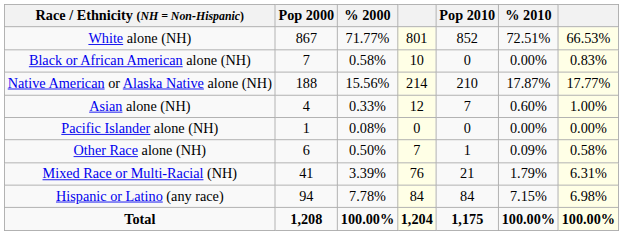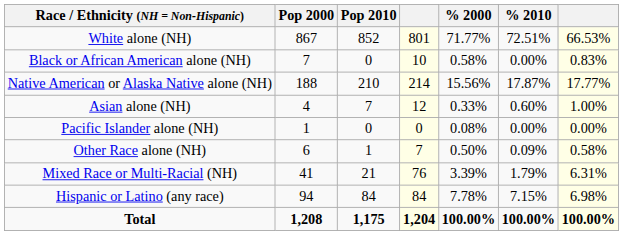 <table class="wikitable" style="text-align:center;">
 <tr>
 <th>Race / Ethnicity <small>(<em>NH = Non-Hispanic</em>)</small></th>
 <th>Pop 2000</th>
+<th>Pop 2010</th>
+<th></th>
 <th>% 2000</th>
-<th></th>
-<th>Pop 2010</th>
 <th>% 2010</th>
 <th></th>
 </tr>
 <tr>
 <td><a href='#'>White</a> alone (NH)</td>
 <td>867</td>
+<td>852</td>
+<td style='background: #ffffe6;'>801</td>
 <td>71.77%</td>
-<td style='background: #ffffe6;'>801</td>
-<td>852</td>
 <td>72.51%</td>
 <td style='background: #ffffe6;'>66.53%</td>
 </tr>
 <tr>
 <td><a href='#'>Black or African American</a> alone (NH)</td>
 <td>7</td>
+<td>0</td>
+<td style='background: #ffffe6;'>10</td>
 <td>0.58%</td>
-<td style='background: #ffffe6;'>10</td>
-<td>0</td>
 <td>0.00%</td>
 <td style='background: #ffffe6;'>0.83%</td>
 </tr>
 <tr>
 <td><a href='#'>Native American</a> or <a href='#'>Alaska Native</a> alone (NH)</td>
 <td>188</td>
+<td>210</td>
+<td style='background: #ffffe6;'>214</td>
 <td>15.56%</td>
-<td style='background: #ffffe6;'>214</td>
-<td>210</td>
 <td>17.87%</td>
 <td style='background: #ffffe6;'>17.77%</td>
 </tr>
 <tr>
 <td><a href='#'>Asian</a> alone (NH)</td>
 <td>4</td>
+<td>7</td>
+<td style='background: #ffffe6;'>12</td>
 <td>0.33%</td>
-<td style='background: #ffffe6;'>12</td>
-<td>7</td>
 <td>0.60%</td>
 <td style='background: #ffffe6;'>1.00%</td>
 </tr>
 <tr>
 <td><a href='#'>Pacific Islander</a> alone (NH)</td>
 <td>1</td>
+<td>0</td>
+<td style='background: #ffffe6;'>0</td>
 <td>0.08%</td>
-<td style='background: #ffffe6;'>0</td>
-<td>0</td>
 <td>0.00%</td>
 <td style='background: #ffffe6;'>0.00%</td>
 </tr>
 <tr>
 <td><a href='#'>Other Race</a> alone (NH)</td>
 <td>6</td>
+<td>1</td>
+<td style='background: #ffffe6;'>7</td>
 <td>0.50%</td>
-<td style='background: #ffffe6;'>7</td>
-<td>1</td>
 <td>0.09%</td>
 <td style='background: #ffffe6;'>0.58%</td>
 </tr>
 <tr>
 <td><a href='#'>Mixed Race or Multi-Racial</a> (NH)</td>
 <td>41</td>
+<td>21</td>
+<td style='background: #ffffe6;'>76</td>
 <td>3.39%</td>
-<td style='background: #ffffe6;'>76</td>
-<td>21</td>
 <td>1.79%</td>
 <td style='background: #ffffe6;'>6.31%</td>
 </tr>
 <tr>
 <td><a href='#'>Hispanic or Latino</a> (any race)</td>
 <td>94</td>
+<td>84</td>
+<td style='background: #ffffe6;'>84</td>
 <td>7.78%</td>
-<td style='background: #ffffe6;'>84</td>
-<td>84</td>
 <td>7.15%</td>
 <td style='background: #ffffe6;'>6.98%</td>
 </tr>
 <tr>
 <td><strong>Total</strong></td>
 <td><strong>1,208</strong></td>
+<td><strong>1,175</strong></td>
+<td style='background: #ffffe6;'><strong>1,204</strong></td>
 <td><strong>100.00%</strong></td>
-<td style='background: #ffffe6;'><strong>1,204</strong></td>
-<td><strong>1,175</strong></td>
 <td><strong>100.00%</strong></td>
 <td style='background: #ffffe6;'><strong>100.00%</strong></td>
 </tr>
 </table>
